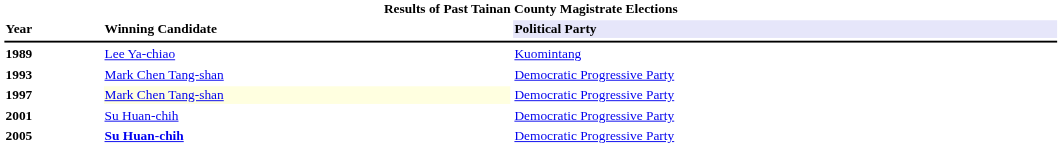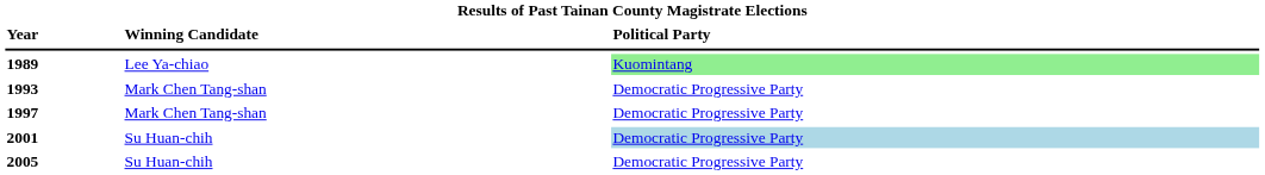 <table id="toc" style="margin:1em auto; width: 90%; font-size: 90%;" cellspacing="3">
 <tr>
 <td colspan="3" align="center"><strong>Results of Past Tainan County Magistrate Elections</strong></td>
 </tr>
 <tr>
 <td><strong>Year</strong></td>
 <td><strong> Winning Candidate</strong></td>
-<td style="background: lavender;"><strong>Political Party</strong></td>
+<td><strong>Political Party</strong></td>
 </tr>
 <tr>
 <th bgcolor="#000000" colspan="6"></th>
 </tr>
 <tr>
 <td><strong>1989</strong></td>
 <td><a href='#'>Lee Ya-chiao</a></td>
-<td><a href='#'>Kuomintang</a></td>
+<td style="background: lightgreen;"><a href='#'>Kuomintang</a></td>
 </tr>
 <tr>
 <td><strong>1993</strong></td>
 <td><a href='#'>Mark Chen Tang-shan</a></td>
 <td><a href='#'>Democratic Progressive Party</a></td>
 </tr>
 <tr>
 <td><strong>1997</strong></td>
-<td style="background: lightyellow;"><a href='#'>Mark Chen Tang-shan</a></td>
+<td><a href='#'>Mark Chen Tang-shan</a></td>
 <td><a href='#'>Democratic Progressive Party</a></td>
 </tr>
 <tr>
 <td><strong>2001</strong></td>
 <td><a href='#'>Su Huan-chih</a></td>
-<td><a href='#'>Democratic Progressive Party</a></td>
+<td style="background: lightblue;"><a href='#'>Democratic Progressive Party</a></td>
 </tr>
 <tr>
 <td><strong>2005</strong></td>
-<td><strong><a href='#'>Su Huan-chih</a></strong></td>
+<td><a href='#'>Su Huan-chih</a></td>
 <td><a href='#'>Democratic Progressive Party</a></td>
 </tr>
 </table>
